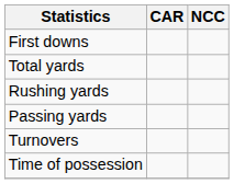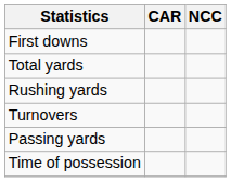 <table class="wikitable">
 <tr>
 <th>Statistics</th>
 <th>CAR</th>
 <th>NCC</th>
 </tr>
 <tr>
 <td>First downs</td>
 <td></td>
 <td></td>
 </tr>
 <tr>
 <td>Total yards</td>
 <td></td>
 <td></td>
 </tr>
 <tr>
 <td>Rushing yards</td>
 <td></td>
 <td></td>
 </tr>
 <tr>
-<td>Passing yards</td>
+<td>Turnovers</td>
 <td></td>
 <td></td>
 </tr>
 <tr>
-<td>Turnovers</td>
+<td>Passing yards</td>
 <td></td>
 <td></td>
 </tr>
 <tr>
 <td>Time of possession</td>
 <td></td>
 <td></td>
 </tr>
 <tr>
 </tr>
 </table>
